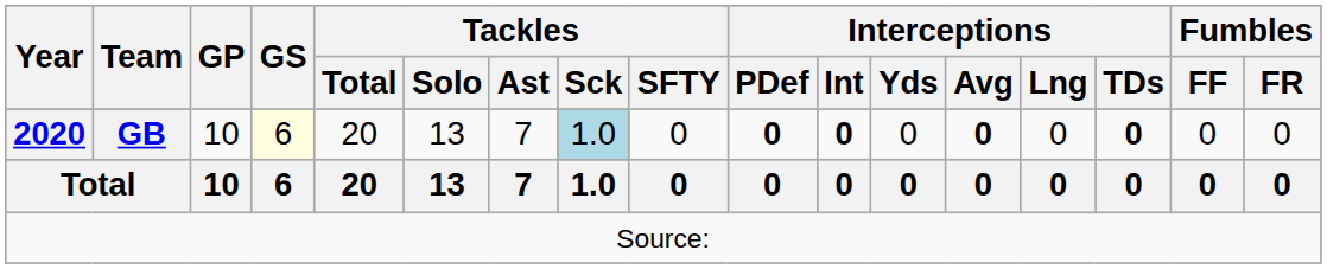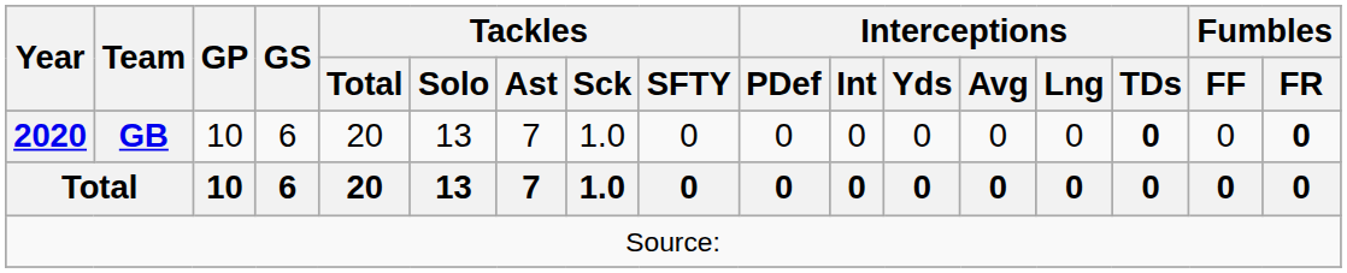 <table class="wikitable" style="text-align: center;">
 <tr>
 <th rowspan=2>Year</th>
 <th rowspan=2>Team</th>
 <th rowspan=2>GP</th>
 <th rowspan=2>GS</th>
 <th colspan=5>Tackles</th>
 <th colspan=6>Interceptions</th>
 <th colspan=2>Fumbles</th>
 </tr>
 <tr>
 <th>Total</th>
 <th>Solo</th>
 <th>Ast</th>
 <th>Sck</th>
 <th>SFTY</th>
 <th>PDef</th>
 <th>Int</th>
 <th>Yds</th>
 <th>Avg</th>
 <th>Lng</th>
 <th>TDs</th>
 <th>FF</th>
 <th>FR</th>
 </tr>
 <tr>
 <th><a href='#'>2020</a></th>
 <th><a href='#'>GB</a></th>
 <td>10</td>
-<td style="background: lightyellow;">6</td>
+<td>6</td>
 <td>20</td>
 <td>13</td>
 <td>7</td>
-<td style="background: lightblue;">1.0</td>
+<td>1.0</td>
 <td>0</td>
-<td><strong>0</strong></td>
-<td><strong>0</strong></td>
+<td>0</td>
+<td>0</td>
+<td>0</td>
+<td>0</td>
 <td>0</td>
 <td><strong>0</strong></td>
 <td>0</td>
 <td><strong>0</strong></td>
-<td>0</td>
-<td>0</td>
 </tr>
 <tr>
 <th colspan="2">Total</th>
 <th>10</th>
 <th>6</th>
 <th>20</th>
 <th>13</th>
 <th>7</th>
 <th>1.0</th>
 <th>0</th>
 <th>0</th>
 <th>0</th>
 <th>0</th>
 <th>0</th>
 <th>0</th>
 <th>0</th>
 <th>0</th>
 <th>0</th>
 </tr>
 <tr>
 <td colspan="17"><small>Source: </small></td>
 </tr>
 </table>
